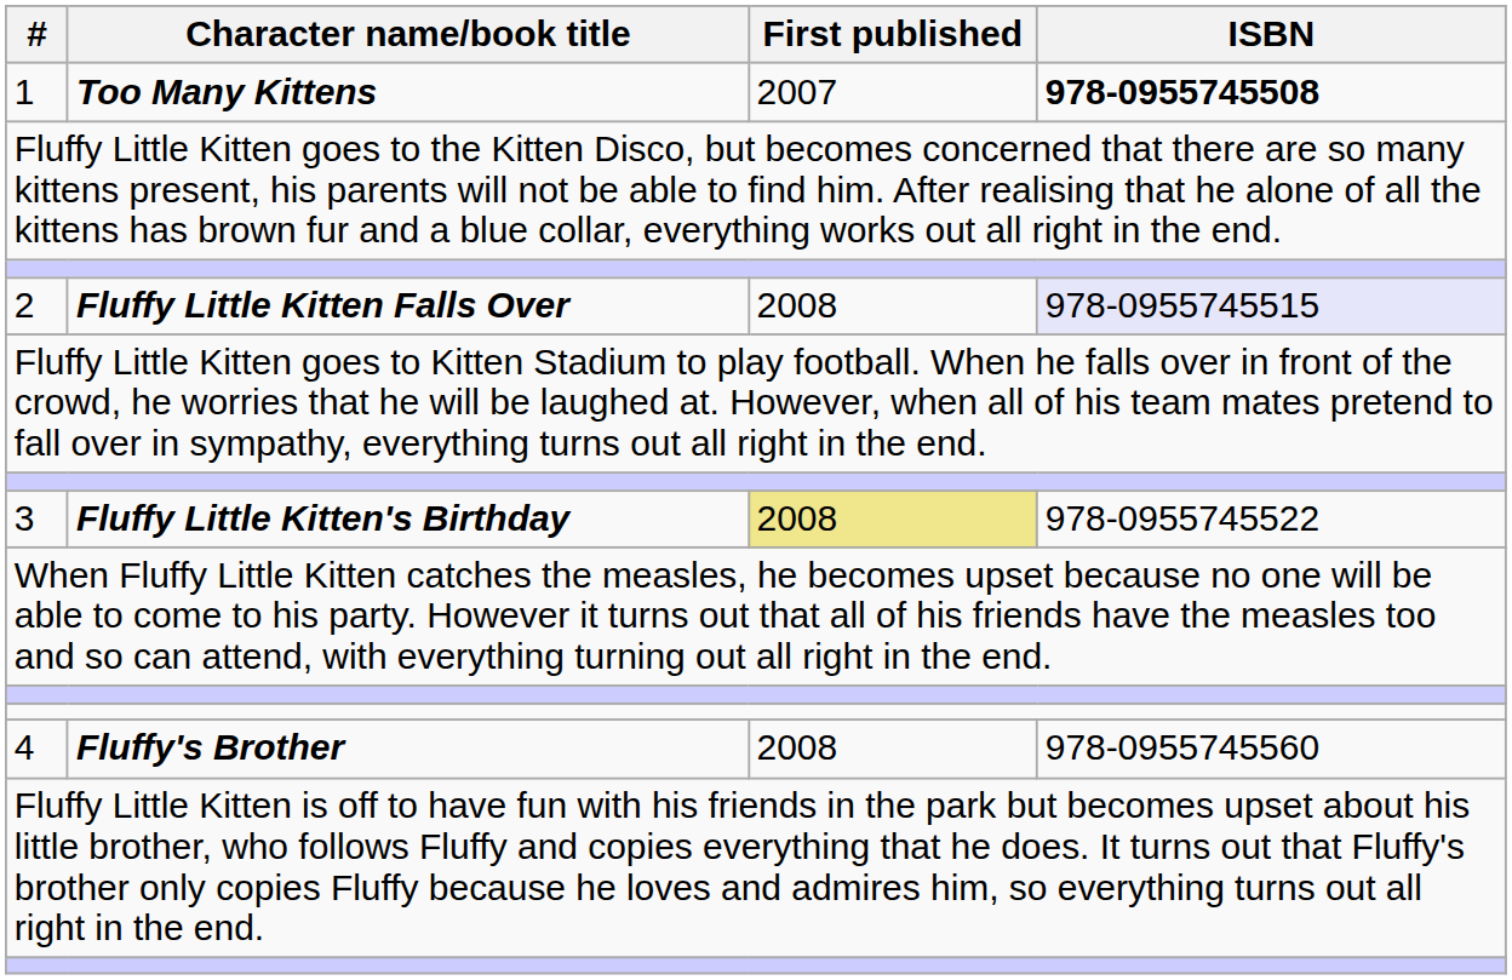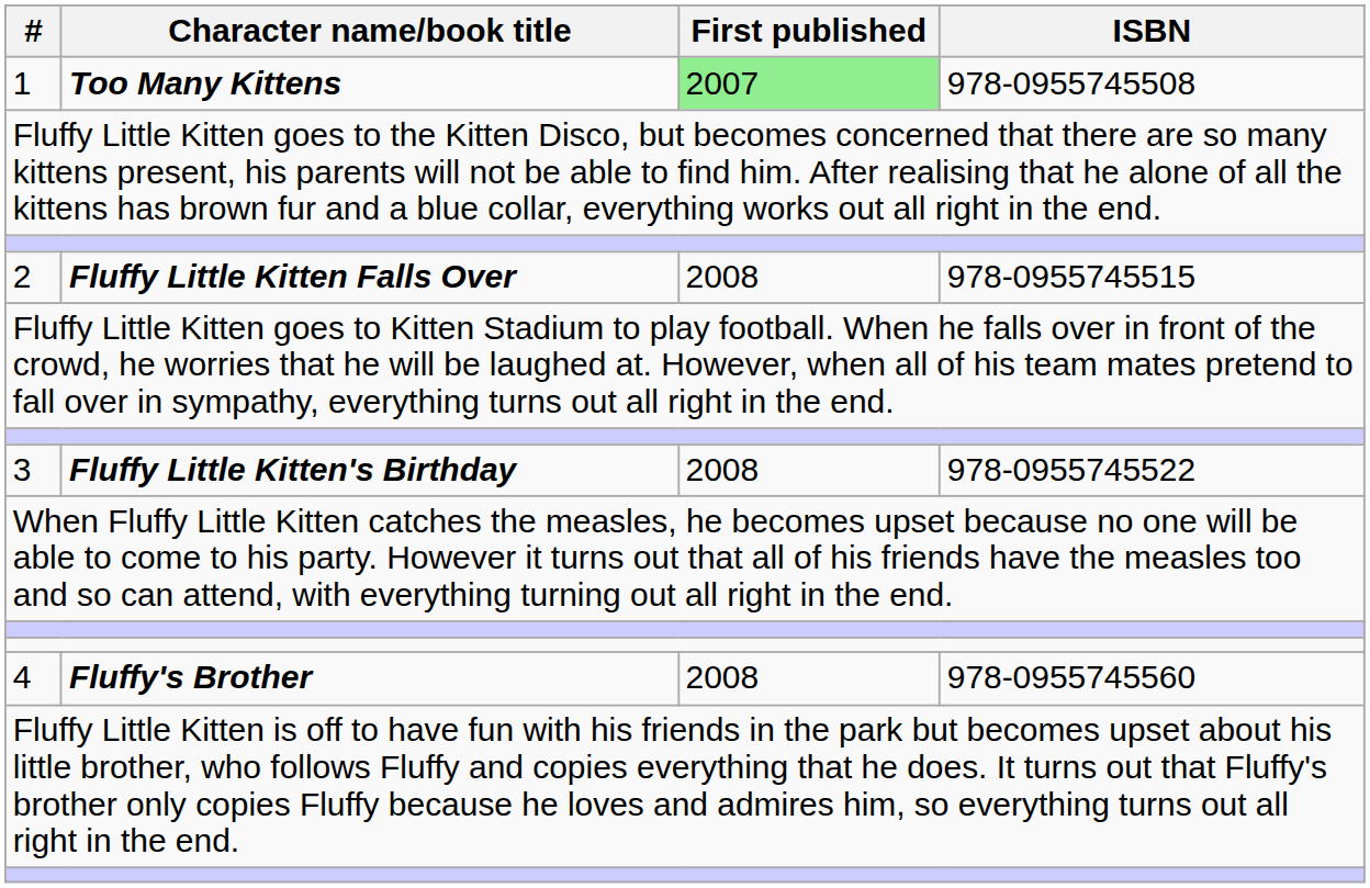 <table class="wikitable" width="75%">
 <tr>
 <th width="20">#</th>
 <th>Character name/book title</th>
 <th width="120">First published</th>
 <th>ISBN</th>
 </tr>
 <tr>
 <td>1</td>
 <td><strong><em>Too Many Kittens</em></strong></td>
-<td>2007</td>
-<td><strong>978-0955745508</strong></td>
+<td style="background: lightgreen;">2007</td>
+<td>978-0955745508</td>
 </tr>
 <tr>
 <td colspan="5">Fluffy Little Kitten goes to the Kitten Disco, but becomes concerned that there are so many kittens present, his parents will not be able to find him. After realising that he alone of all the kittens has brown fur and a blue collar, everything works out all right in the end.</td>
 </tr>
 <tr>
 <td colspan="5" style="background-color:#CCCCFF;"></td>
 </tr>
 <tr>
 <td>2</td>
 <td><strong><em>Fluffy Little Kitten Falls Over</em></strong></td>
 <td>2008</td>
-<td style="background: lavender;">978-0955745515</td>
+<td>978-0955745515</td>
 </tr>
 <tr>
 <td colspan="5">Fluffy Little Kitten goes to Kitten Stadium to play football.  When he falls over in front of the crowd, he worries that he will be laughed at.  However, when all of his team mates pretend to fall over in sympathy, everything turns out all right in the end.</td>
 </tr>
 <tr>
 <td colspan="5" style="background-color:#CCCCFF;"></td>
 </tr>
 <tr>
 <td>3</td>
 <td><strong><em>Fluffy Little Kitten's Birthday</em></strong></td>
-<td style="background: khaki;">2008</td>
+<td>2008</td>
 <td>978-0955745522</td>
 </tr>
 <tr>
 <td colspan="5">When Fluffy Little Kitten catches the measles, he becomes upset because no one will be able to come to his party.  However it turns out that all of his friends have the measles too and so can attend, with everything turning out all right in the end.</td>
 </tr>
 <tr>
 <td colspan="5" style="background-color:#CCCCFF;"></td>
 </tr>
 <tr>
 <td colspan="5"></td>
 </tr>
 <tr>
 <td>4</td>
 <td><strong><em>Fluffy's Brother</em></strong></td>
 <td>2008</td>
 <td>978-0955745560</td>
 </tr>
 <tr>
 <td colspan="5">Fluffy Little Kitten is off to have fun with his friends in the park but becomes upset about his little brother, who follows Fluffy and copies everything that he does. It turns out that Fluffy's brother only copies Fluffy because he loves and admires him, so everything turns out all right in the end.</td>
 </tr>
 <tr>
 <td colspan="5" style="background-color:#CCCCFF;"></td>
 </tr>
 </table>
